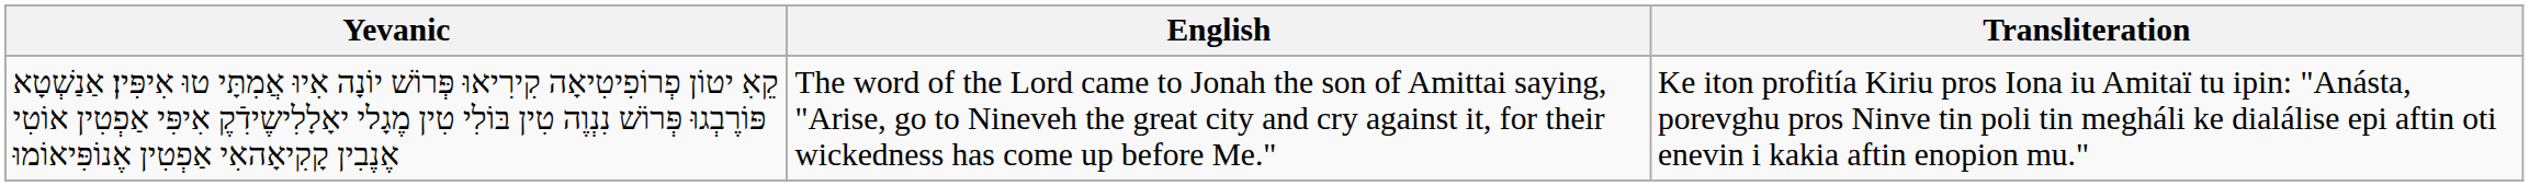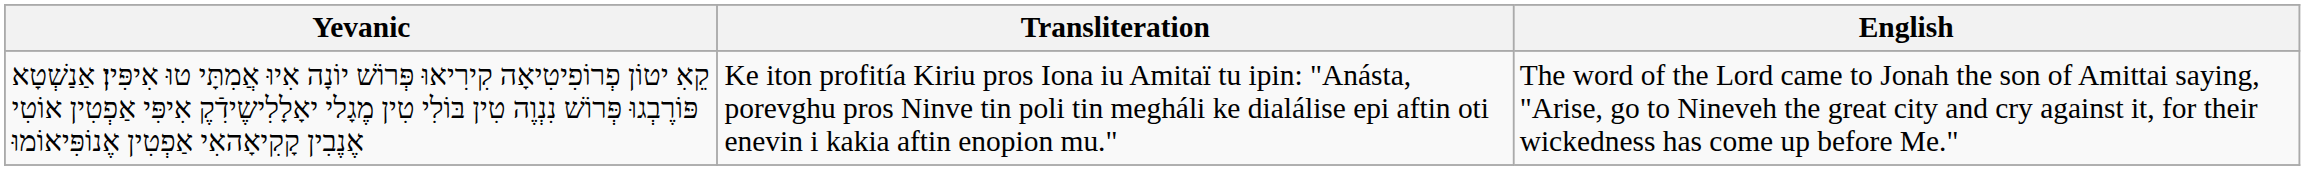 <table class="wikitable">
 <tr>
 <th>Yevanic</th>
+<th>Transliteration</th>
 <th>English</th>
-<th>Transliteration</th>
 </tr>
 <tr>
 <td>קֵאִ יטוֹן פְרוֹפִיטִיאָה קִירִיאוּ פְּרוֹשׁ יוֹנָה אִיוּ אֲמִתָּי טוּ אִיפִּין׃ אַנַשְׁטָא פּוֹרֶבְגוּ פְּרוֹשׁ נִנְוֶה טִין בּוֹלִי טִין מֶגָלי יאָלָלִישֶידִֿקֶ אִיפִּי אַפְטִין אוֹטִי אֶנֶבִין קָקִיאָהאִי אַפְטִין אֶנוֹפִּיאוֹמוּ</td>
+<td>Ke itοn prοfitía Kiriu pros Iona iu Amitaï tu ipin: "Anásta, pοrevghu pros Ninve tin poli tin megháli ke dialálise epi aftin oti enevin i kakia aftin enopion mu."</td>
 <td>The word of the Lord came to Jonah the son of Amittai saying, "Arise, go to Nineveh the great city and cry against it, for their wickedness has come up before Me."</td>
-<td>Ke itοn prοfitía Kiriu pros Iona iu Amitaï tu ipin: "Anásta, pοrevghu pros Ninve tin poli tin megháli ke dialálise epi aftin oti enevin i kakia aftin enopion mu."</td>
 </tr>
 </table>
